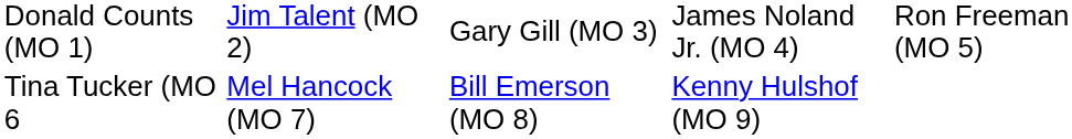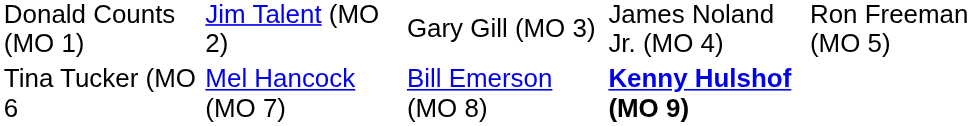 <table width="100%">
 <tr>
 <td width="20%">Donald Counts (MO 1)</td>
 <td width="20%"><a href='#'>Jim Talent</a> (MO 2)</td>
 <td width="20%">Gary Gill (MO 3)</td>
 <td width="20%">James Noland Jr. (MO 4)</td>
 <td width="20%">Ron Freeman (MO 5)</td>
 </tr>
 <tr>
 <td>Tina Tucker (MO 6</td>
 <td><a href='#'>Mel Hancock</a> (MO 7)</td>
 <td><a href='#'>Bill Emerson</a> (MO 8)</td>
-<td><a href='#'>Kenny Hulshof</a> (MO 9)</td>
+<td><strong><a href='#'>Kenny Hulshof</a> (MO 9)</strong></td>
 </tr>
 </table>
